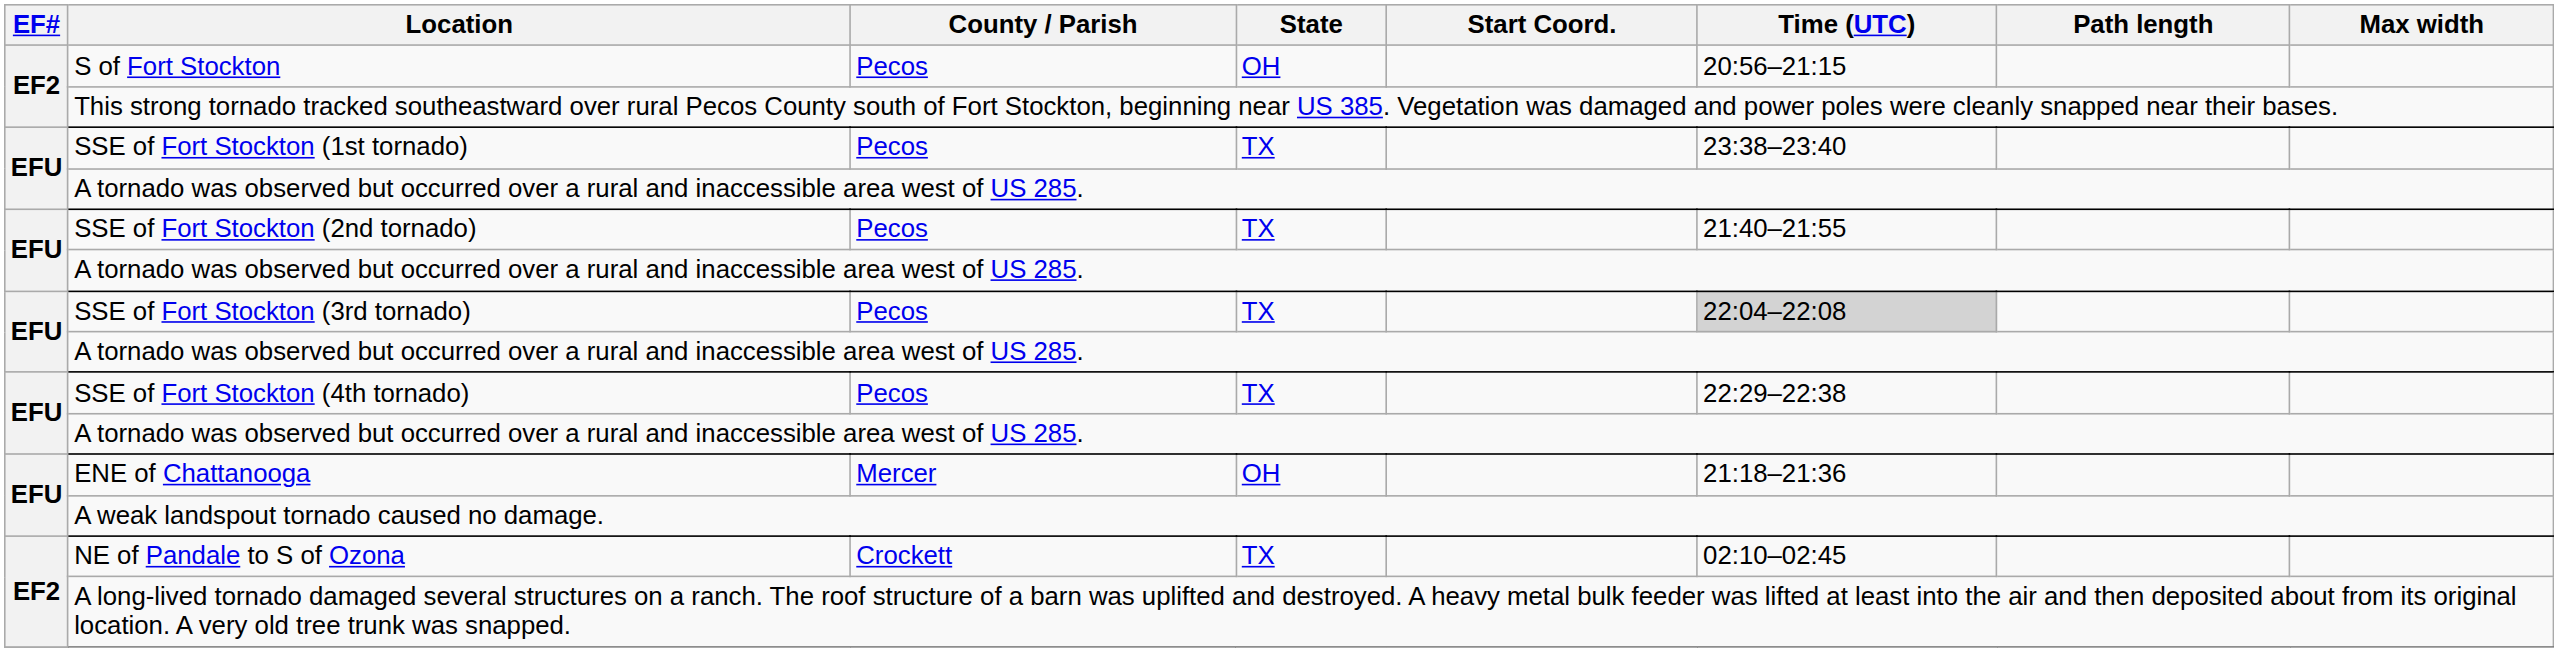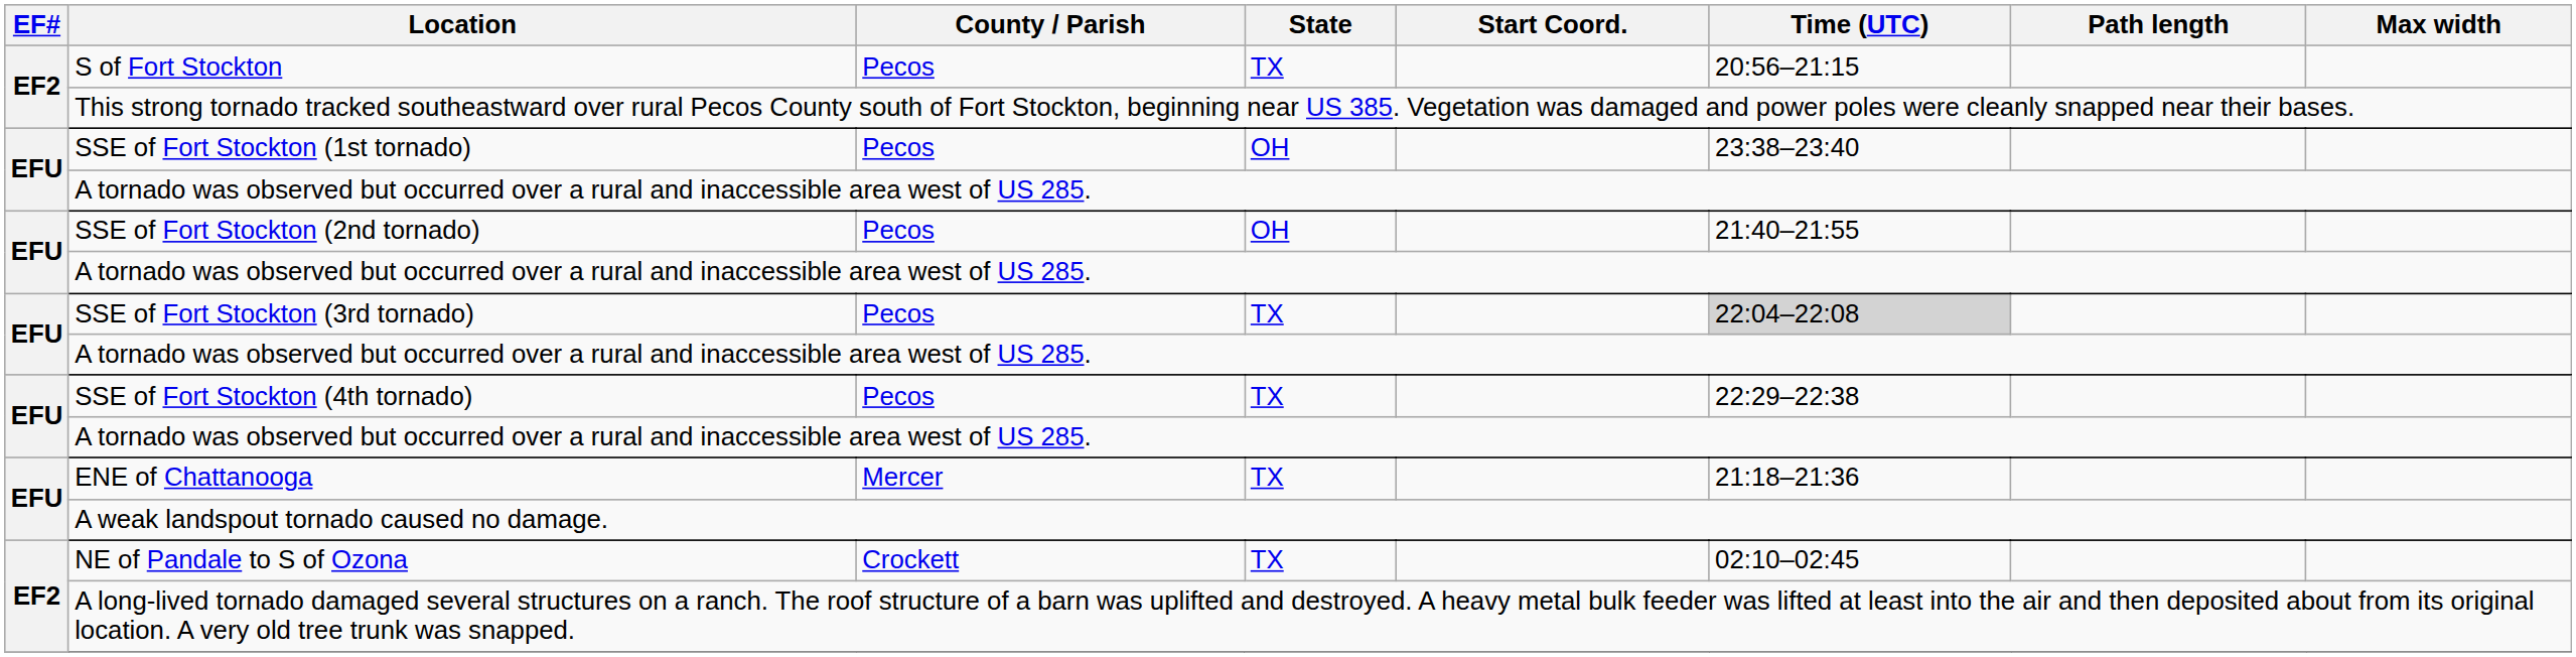 <table class="wikitable sortable" style="width:100%;">
 <tr>
 <th scope="col" width="2%" align="center"><a href='#'>EF#</a></th>
 <th scope="col" align="center" class="unsortable">Location</th>
 <th scope="col" align="center" class="unsortable">County / Parish</th>
 <th scope="col" align="center">State</th>
 <th scope="col" align="center">Start Coord.</th>
 <th scope="col" align="center">Time (<a href='#'>UTC</a>)</th>
 <th scope="col" align="center">Path length</th>
 <th scope="col" align="center">Max width</th>
 </tr>
 <tr>
 <th scope="row" rowspan="2" style="background-color:#">EF2</th>
 <td>S of <a href='#'>Fort Stockton</a></td>
 <td><a href='#'>Pecos</a></td>
-<td><a href='#'>OH</a></td>
+<td><a href='#'>TX</a></td>
 <td></td>
 <td>20:56–21:15</td>
 <td></td>
 <td></td>
 </tr>
 <tr class="expand-child">
 <td colspan="8" style=" border-bottom: 1px solid black;">This strong tornado tracked southeastward over rural Pecos County south of Fort Stockton, beginning near <a href='#'>US 385</a>. Vegetation was damaged and power poles were cleanly snapped near their bases.</td>
 </tr>
 <tr>
 <th scope="row" rowspan="2" style="background-color:#">EFU</th>
 <td>SSE of <a href='#'>Fort Stockton</a> (1st tornado)</td>
 <td><a href='#'>Pecos</a></td>
-<td><a href='#'>TX</a></td>
+<td><a href='#'>OH</a></td>
 <td></td>
 <td>23:38–23:40</td>
 <td></td>
 <td></td>
 </tr>
 <tr class="expand-child">
 <td colspan="8" style=" border-bottom: 1px solid black;">A tornado was observed but occurred over a rural and inaccessible area west of <a href='#'>US 285</a>.</td>
 </tr>
 <tr>
 <th scope="row" rowspan="2" style="background-color:#">EFU</th>
 <td>SSE of <a href='#'>Fort Stockton</a> (2nd tornado)</td>
 <td><a href='#'>Pecos</a></td>
-<td><a href='#'>TX</a></td>
+<td><a href='#'>OH</a></td>
 <td></td>
 <td>21:40–21:55</td>
 <td></td>
 <td></td>
 </tr>
 <tr class="expand-child">
 <td colspan="8" style=" border-bottom: 1px solid black;">A tornado was observed but occurred over a rural and inaccessible area west of <a href='#'>US 285</a>.</td>
 </tr>
 <tr>
 <th scope="row" rowspan="2" style="background-color:#">EFU</th>
 <td>SSE of <a href='#'>Fort Stockton</a> (3rd tornado)</td>
 <td><a href='#'>Pecos</a></td>
 <td><a href='#'>TX</a></td>
 <td></td>
 <td style="background: lightgrey;">22:04–22:08</td>
 <td></td>
 <td></td>
 </tr>
 <tr class="expand-child">
 <td colspan="8" style=" border-bottom: 1px solid black;">A tornado was observed but occurred over a rural and inaccessible area west of <a href='#'>US 285</a>.</td>
 </tr>
 <tr>
 <th scope="row" rowspan="2" style="background-color:#">EFU</th>
 <td>SSE of <a href='#'>Fort Stockton</a> (4th tornado)</td>
 <td><a href='#'>Pecos</a></td>
 <td><a href='#'>TX</a></td>
 <td></td>
 <td>22:29–22:38</td>
 <td></td>
 <td></td>
 </tr>
 <tr class="expand-child">
 <td colspan="8" style=" border-bottom: 1px solid black;">A tornado was observed but occurred over a rural and inaccessible area west of <a href='#'>US 285</a>.</td>
 </tr>
 <tr>
 <th scope="row" rowspan="2" style="background-color:#">EFU</th>
 <td>ENE of <a href='#'>Chattanooga</a></td>
 <td><a href='#'>Mercer</a></td>
-<td><a href='#'>OH</a></td>
+<td><a href='#'>TX</a></td>
 <td></td>
 <td>21:18–21:36</td>
 <td></td>
 <td></td>
 </tr>
 <tr class="expand-child">
 <td colspan="8" style=" border-bottom: 1px solid black;">A weak landspout tornado caused no damage.</td>
 </tr>
 <tr>
 <th scope="row" rowspan="2" style="background-color:#">EF2</th>
 <td>NE of <a href='#'>Pandale</a> to S of <a href='#'>Ozona</a></td>
 <td><a href='#'>Crockett</a></td>
 <td><a href='#'>TX</a></td>
 <td></td>
 <td>02:10–02:45</td>
 <td></td>
 <td></td>
 </tr>
 <tr class="expand-child">
 <td colspan="8" style=" border-bottom: 1px solid black;">A long-lived tornado damaged several structures on a ranch. The roof structure of a barn was uplifted and destroyed. A heavy metal bulk feeder was lifted at least  into the air and then deposited about  from its original location. A very old tree trunk was snapped.</td>
 </tr>
 <tr>
 </tr>
 </table>
